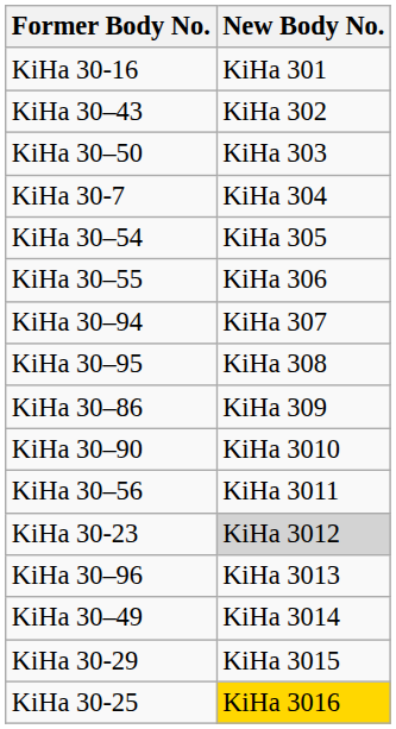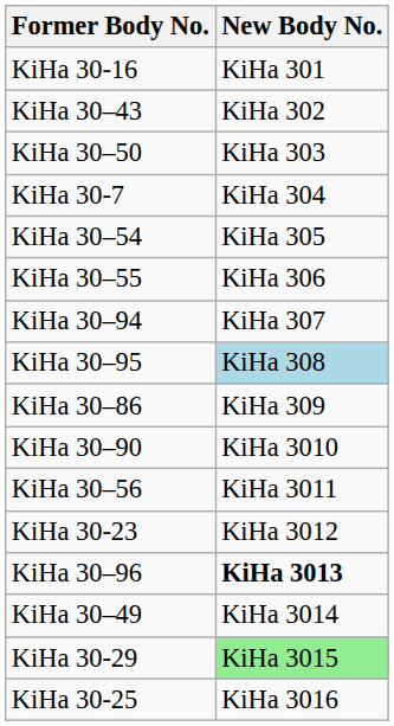 <table class="wikitable">
 <tr>
 <th>Former Body No.</th>
 <th>New Body No.</th>
 </tr>
 <tr>
 <td>KiHa 30-16</td>
 <td>KiHa 301</td>
 </tr>
 <tr>
 <td>KiHa 30–43</td>
 <td>KiHa 302</td>
 </tr>
 <tr>
 <td>KiHa 30–50</td>
 <td>KiHa 303</td>
 </tr>
 <tr>
 <td>KiHa 30-7</td>
 <td>KiHa 304</td>
 </tr>
 <tr>
 <td>KiHa 30–54</td>
 <td>KiHa 305</td>
 </tr>
 <tr>
 <td>KiHa 30–55</td>
 <td>KiHa 306</td>
 </tr>
 <tr>
 <td>KiHa 30–94</td>
 <td>KiHa 307</td>
 </tr>
 <tr>
 <td>KiHa 30–95</td>
-<td>KiHa 308</td>
+<td style="background: lightblue;">KiHa 308</td>
 </tr>
 <tr>
 <td>KiHa 30–86</td>
 <td>KiHa 309</td>
 </tr>
 <tr>
 <td>KiHa 30–90</td>
 <td>KiHa 3010</td>
 </tr>
 <tr>
 <td>KiHa 30–56</td>
 <td>KiHa 3011</td>
 </tr>
 <tr>
 <td>KiHa 30-23</td>
-<td style="background: lightgrey;">KiHa 3012</td>
+<td>KiHa 3012</td>
 </tr>
 <tr>
 <td>KiHa 30–96</td>
-<td>KiHa 3013</td>
+<td><strong>KiHa 3013</strong></td>
 </tr>
 <tr>
 <td>KiHa 30–49</td>
 <td>KiHa 3014</td>
 </tr>
 <tr>
 <td>KiHa 30-29</td>
-<td>KiHa 3015</td>
+<td style="background: lightgreen;">KiHa 3015</td>
 </tr>
 <tr>
 <td>KiHa 30-25</td>
-<td style="background: gold;">KiHa 3016</td>
+<td>KiHa 3016</td>
 </tr>
 </table>
